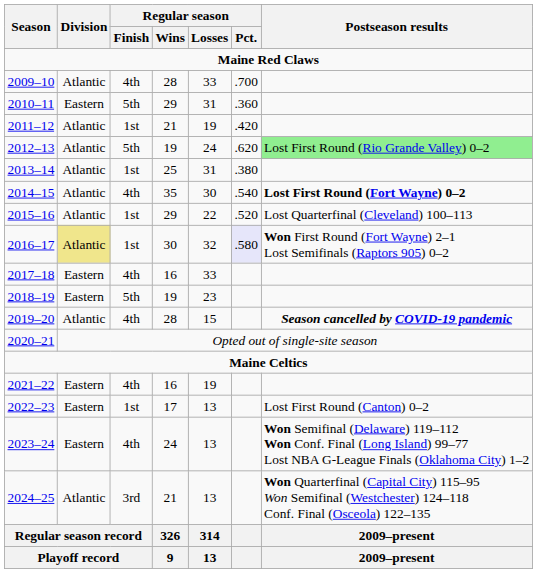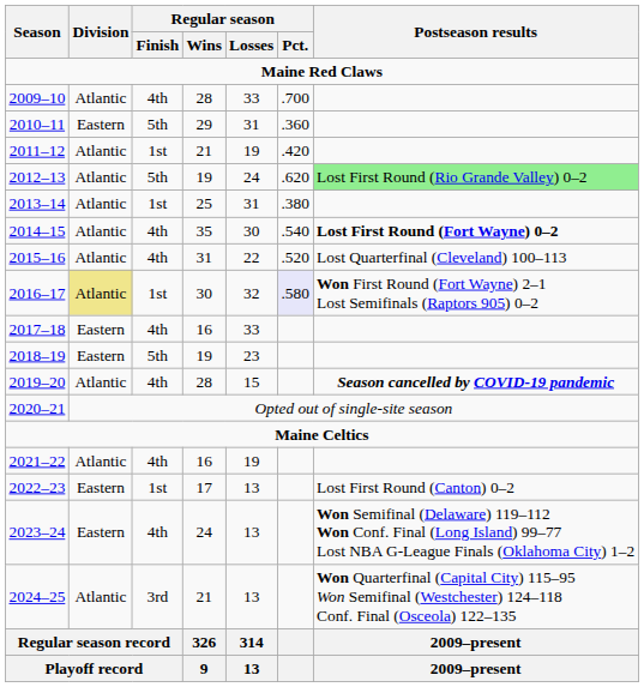 <table class="wikitable" style="font-size:95%; text-align:center">
 <tr>
 <th rowspan=2>Season</th>
 <th rowspan=2>Division</th>
 <th colspan=4>Regular season</th>
 <th rowspan=2>Postseason results</th>
 </tr>
 <tr>
 <th>Finish</th>
 <th>Wins</th>
 <th>Losses</th>
 <th>Pct.</th>
 </tr>
 <tr>
 <td colspan=10><strong>Maine Red Claws</strong></td>
 </tr>
 <tr>
 <td><a href='#'>2009–10</a></td>
 <td>Atlantic</td>
 <td>4th</td>
 <td>28</td>
 <td>33</td>
 <td>.700</td>
 <td></td>
 </tr>
 <tr>
 <td><a href='#'>2010–11</a></td>
 <td>Eastern</td>
 <td>5th</td>
 <td>29</td>
 <td>31</td>
 <td>.360</td>
 <td></td>
 </tr>
 <tr>
 <td><a href='#'>2011–12</a></td>
 <td>Atlantic</td>
 <td>1st</td>
 <td>21</td>
 <td>19</td>
 <td>.420</td>
 <td></td>
 </tr>
 <tr>
 <td><a href='#'>2012–13</a></td>
 <td>Atlantic</td>
 <td>5th</td>
 <td>19</td>
 <td>24</td>
 <td>.620</td>
 <td align=left style="background: lightgreen;">Lost First Round (<a href='#'>Rio Grande Valley</a>) 0–2</td>
 </tr>
 <tr>
 <td><a href='#'>2013–14</a></td>
 <td>Atlantic</td>
 <td>1st</td>
 <td>25</td>
 <td>31</td>
 <td>.380</td>
 <td></td>
 </tr>
 <tr>
 <td><a href='#'>2014–15</a></td>
 <td>Atlantic</td>
 <td>4th</td>
 <td>35</td>
 <td>30</td>
 <td>.540</td>
 <td align=left><strong>Lost First Round (<a href='#'>Fort Wayne</a>) 0–2</strong></td>
 </tr>
 <tr>
 <td><a href='#'>2015–16</a></td>
 <td>Atlantic</td>
-<td>1st</td>
-<td>29</td>
+<td>4th</td>
+<td>31</td>
 <td>22</td>
 <td>.520</td>
 <td align=left>Lost Quarterfinal (<a href='#'>Cleveland</a>) 100–113</td>
 </tr>
 <tr>
 <td><a href='#'>2016–17</a></td>
 <td style="background: khaki;">Atlantic</td>
 <td>1st</td>
 <td>30</td>
 <td>32</td>
 <td style="background: lavender;">.580</td>
 <td align=left><strong>Won</strong> First Round (<a href='#'>Fort Wayne</a>) 2–1<br>Lost Semifinals (<a href='#'>Raptors 905</a>) 0–2</td>
 </tr>
 <tr>
 <td><a href='#'>2017–18</a></td>
 <td>Eastern</td>
 <td>4th</td>
 <td>16</td>
 <td>33</td>
 <td></td>
 <td></td>
 </tr>
 <tr>
 <td><a href='#'>2018–19</a></td>
 <td>Eastern</td>
 <td>5th</td>
 <td>19</td>
 <td>23</td>
 <td></td>
 <td></td>
 </tr>
 <tr>
 <td><a href='#'>2019–20</a></td>
 <td>Atlantic</td>
 <td>4th</td>
 <td>28</td>
 <td>15</td>
 <td></td>
 <td><strong><em>Season cancelled by <a href='#'>COVID-19 pandemic</a></em></strong></td>
 </tr>
 <tr>
 <td><a href='#'>2020–21</a></td>
 <td colspan="7"><em>Opted out of single-site season</em></td>
 </tr>
 <tr>
 <td colspan=8 align=center><strong>Maine Celtics</strong></td>
 </tr>
 <tr>
 <td><a href='#'>2021–22</a></td>
-<td>Eastern</td>
+<td>Atlantic</td>
 <td>4th</td>
 <td>16</td>
 <td>19</td>
 <td></td>
 <td></td>
 </tr>
 <tr>
 <td><a href='#'>2022–23</a></td>
 <td>Eastern</td>
 <td>1st</td>
 <td>17</td>
 <td>13</td>
 <td></td>
 <td align=left>Lost First Round (<a href='#'>Canton</a>) 0–2</td>
 </tr>
 <tr>
 <td><a href='#'>2023–24</a></td>
 <td>Eastern</td>
 <td>4th</td>
 <td>24</td>
 <td>13</td>
 <td></td>
 <td align=left><strong>Won</strong> Semifinal (<a href='#'>Delaware</a>) 119–112<br><strong>Won</strong> Conf. Final (<a href='#'>Long Island</a>) 99–77<br>Lost NBA G-League Finals (<a href='#'>Oklahoma City</a>) 1–2</td>
 </tr>
 <tr>
 <td><a href='#'>2024–25</a></td>
 <td>Atlantic</td>
 <td>3rd</td>
 <td>21</td>
 <td>13</td>
 <td></td>
 <td align=left><strong>Won</strong> Quarterfinal (<a href='#'>Capital City</a>) 115–95<br><em>Won</em> Semifinal (<a href='#'>Westchester</a>) 124–118<br>Conf. Final (<a href='#'>Osceola</a>) 122–135</td>
 </tr>
 <tr>
 <th colspan=3>Regular season record</th>
 <th>326</th>
 <th>314</th>
 <th></th>
 <th colspan=2>2009–present</th>
 </tr>
 <tr>
 <th colspan=3>Playoff record</th>
 <th>9</th>
 <th>13</th>
 <th></th>
 <th colspan=2>2009–present</th>
 </tr>
 </table>
